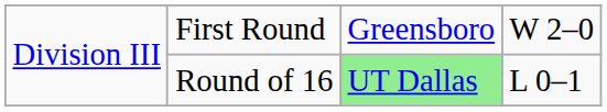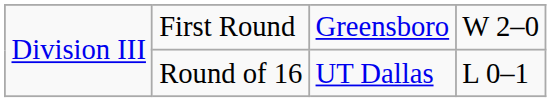 <table class="wikitable">
 <tr>
 <td rowspan="5"><a href='#'>Division III</a></td>
 <td>First Round</td>
 <td><a href='#'>Greensboro</a></td>
 <td>W 2–0</td>
 </tr>
 <tr>
 <td>Round of 16</td>
-<td style="background: lightgreen;"><a href='#'>UT Dallas</a></td>
+<td><a href='#'>UT Dallas</a></td>
 <td>L 0–1</td>
 </tr>
 </table>
